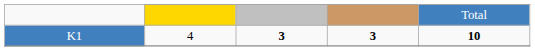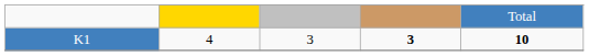 <table class="wikitable"  style="font-size:95%; text-align:center; border:gray solid 1px; width:40%;">
 <tr>
 <td rowspan="2" style="width:3%;"></td>
 </tr>
 <tr>
 <td style="width:2%;" bgcolor=gold></td>
 <td style="width:2%;" bgcolor=silver></td>
 <td style="width:2%;" bgcolor=cc9966></td>
 <td style="width:2%; background-color:#4180be; color:white;">Total</td>
 </tr>
 <tr>
 <td style="background-color:#4180be; color:white;">K1</td>
 <td>4</td>
-<td><strong>3</strong></td>
+<td>3</td>
 <td><strong>3</strong></td>
 <td><strong>10</strong></td>
 </tr>
 <tr>
 </tr>
 </table>
